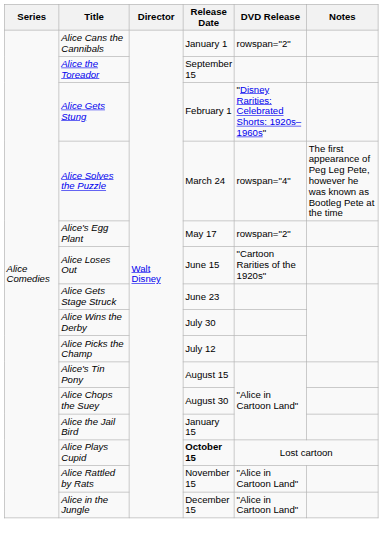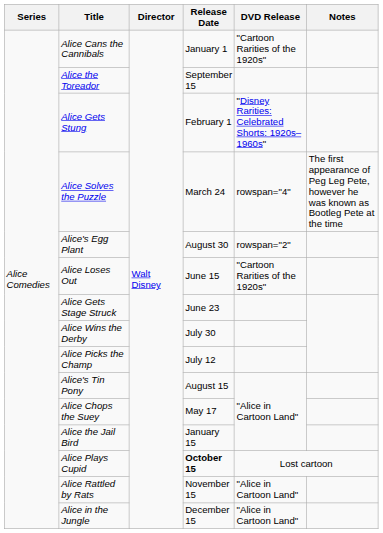 <table class="wikitable" style="width:100%;">
 <tr>
 <th style="width:15%;">Series</th>
 <th style="width:20%;">Title</th>
 <th style="width:15%;">Director</th>
 <th style="width:10%;">Release Date</th>
 <th style="width:20%;">DVD Release</th>
 <th style="width:20%;">Notes</th>
 </tr>
 <tr>
 <td rowspan="15"><em>Alice Comedies</em></td>
 <td><em>Alice Cans the Cannibals</em></td>
 <td rowspan="15"><a href='#'>Walt Disney</a></td>
 <td>January 1</td>
-<td>rowspan="2" </td>
+<td>"Cartoon Rarities of the 1920s"</td>
 <td></td>
 </tr>
 <tr>
 <td><em><a href='#'>Alice the Toreador</a></em></td>
 <td>September 15</td>
 <td></td>
 </tr>
 <tr>
 <td><em><a href='#'>Alice Gets Stung</a></em></td>
 <td>February 1</td>
 <td>"<a href='#'>Disney Rarities: Celebrated Shorts: 1920s–1960s</a>"</td>
 <td></td>
 </tr>
 <tr>
 <td><em><a href='#'>Alice Solves the Puzzle</a></em></td>
 <td>March 24</td>
 <td>rowspan="4" </td>
 <td>The first appearance of Peg Leg Pete, however he was known as Bootleg Pete at the time</td>
 </tr>
 <tr>
 <td><em>Alice's Egg Plant</em></td>
-<td>May 17</td>
+<td>August 30</td>
 <td>rowspan="2" </td>
 <td></td>
 </tr>
 <tr>
 <td><em>Alice Loses Out</em></td>
 <td>June 15</td>
 <td>"Cartoon Rarities of the 1920s"</td>
 <td></td>
 </tr>
 <tr>
 <td><em>Alice Gets Stage Struck</em></td>
 <td>June 23</td>
 <td></td>
 </tr>
 <tr>
 <td><em>Alice Wins the Derby</em></td>
 <td>July 30</td>
 <td></td>
 </tr>
 <tr>
 <td><em>Alice Picks the Champ</em></td>
 <td>July 12</td>
 <td></td>
 </tr>
 <tr>
 <td><em>Alice's Tin Pony</em></td>
 <td>August 15</td>
 <td rowspan="3">"Alice in Cartoon Land"</td>
 <td></td>
 </tr>
 <tr>
 <td><em>Alice Chops the Suey</em></td>
-<td>August 30</td>
+<td>May 17</td>
 <td></td>
 </tr>
 <tr>
 <td><em>Alice the Jail Bird</em></td>
 <td>January 15</td>
 <td></td>
 </tr>
 <tr>
 <td><em>Alice Plays Cupid</em></td>
 <td><strong>October 15</strong></td>
 <td colspan="2" style="text-align: center;">Lost cartoon</td>
 </tr>
 <tr>
 <td><em>Alice Rattled by Rats</em></td>
 <td>November 15</td>
 <td>"Alice in Cartoon Land"</td>
 <td></td>
 </tr>
 <tr>
 <td><em>Alice in the Jungle</em></td>
 <td>December 15</td>
 <td>"Alice in Cartoon Land"</td>
 <td></td>
 </tr>
 </table>
